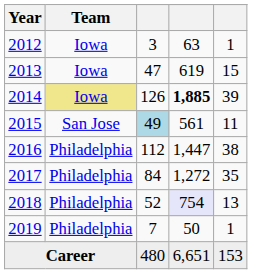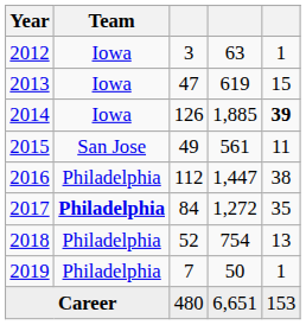 <table class="wikitable sortable" style="text-align:center">
 <tr>
 <th rowspan=2>Year</th>
 <th rowspan=2>Team</th>
 </tr>
 <tr>
 <th></th>
 <th></th>
 <th></th>
 </tr>
 <tr>
 <td><a href='#'>2012</a></td>
 <td><a href='#'>Iowa</a></td>
 <td>3</td>
 <td>63</td>
 <td>1</td>
 </tr>
 <tr>
 <td><a href='#'>2013</a></td>
 <td><a href='#'>Iowa</a></td>
 <td>47</td>
 <td>619</td>
 <td>15</td>
 </tr>
 <tr>
 <td><a href='#'>2014</a></td>
-<td style="background: khaki;"><a href='#'>Iowa</a></td>
+<td><a href='#'>Iowa</a></td>
 <td>126</td>
-<td><strong>1,885</strong></td>
-<td>39</td>
+<td>1,885</td>
+<td><strong>39</strong></td>
 </tr>
 <tr>
 <td><a href='#'>2015</a></td>
 <td><a href='#'>San Jose</a></td>
-<td style="background: lightblue;">49</td>
+<td>49</td>
 <td>561</td>
 <td>11</td>
 </tr>
 <tr>
 <td><a href='#'>2016</a></td>
 <td><a href='#'>Philadelphia</a></td>
 <td>112</td>
 <td>1,447</td>
 <td>38</td>
 </tr>
 <tr>
 <td><a href='#'>2017</a></td>
-<td><a href='#'>Philadelphia</a></td>
+<td><strong><a href='#'>Philadelphia</a></strong></td>
 <td>84</td>
 <td>1,272</td>
 <td>35</td>
 </tr>
 <tr>
 <td><a href='#'>2018</a></td>
 <td><a href='#'>Philadelphia</a></td>
 <td>52</td>
-<td style="background: lavender;">754</td>
+<td>754</td>
 <td>13</td>
 </tr>
 <tr>
 <td><a href='#'>2019</a></td>
 <td><a href='#'>Philadelphia</a></td>
 <td>7</td>
 <td>50</td>
 <td>1</td>
 </tr>
 <tr class="sortbottom" style="background:#eee;">
 <td colspan=2><strong>Career</strong></td>
 <td>480</td>
 <td>6,651</td>
 <td>153</td>
 </tr>
 </table>
